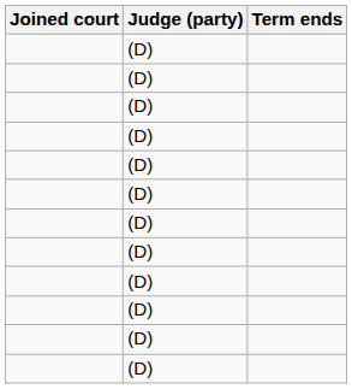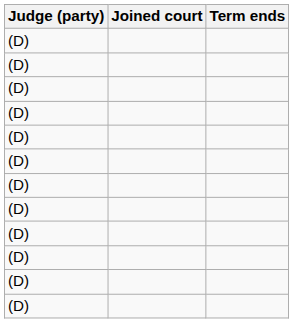 <table class="wikitable" style="border-collapse:collapse;" style="text-align: center">
 <tr bgcolor=#dedede>
+<th>Judge (party)</th>
 <th>Joined court</th>
-<th>Judge (party)</th>
 <th>Term ends</th>
 </tr>
 <tr>
+<td> (D)</td>
 <td></td>
-<td> (D)</td>
 <td></td>
 </tr>
 <tr>
+<td> (D)</td>
 <td></td>
-<td> (D)</td>
 <td></td>
 </tr>
 <tr>
+<td> (D)</td>
 <td></td>
-<td> (D)</td>
 <td></td>
 </tr>
 <tr>
+<td> (D)</td>
 <td></td>
-<td> (D)</td>
 <td></td>
 </tr>
 <tr>
+<td> (D)</td>
 <td></td>
-<td> (D)</td>
 <td></td>
 </tr>
 <tr>
+<td> (D)</td>
 <td></td>
-<td> (D)</td>
 <td></td>
 </tr>
 <tr>
+<td> (D)</td>
 <td></td>
-<td> (D)</td>
 <td></td>
 </tr>
 <tr>
+<td> (D)</td>
 <td></td>
-<td> (D)</td>
 <td></td>
 </tr>
 <tr>
+<td> (D)</td>
 <td></td>
-<td> (D)</td>
 <td></td>
 </tr>
 <tr>
+<td> (D)</td>
 <td></td>
-<td> (D)</td>
 <td></td>
 </tr>
 <tr>
+<td> (D)</td>
 <td></td>
-<td> (D)</td>
 <td></td>
 </tr>
 <tr>
+<td> (D)</td>
 <td></td>
-<td> (D)</td>
 <td></td>
 </tr>
 </table>
